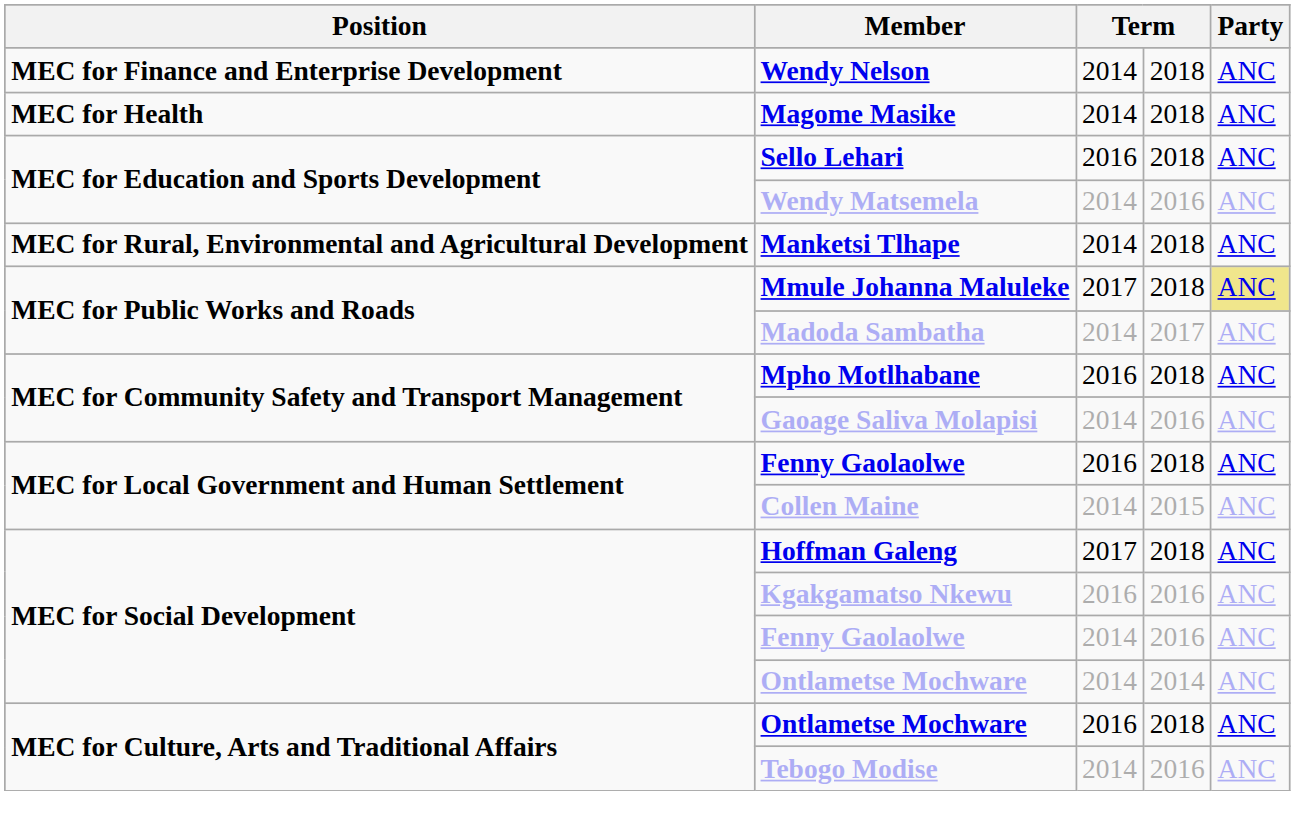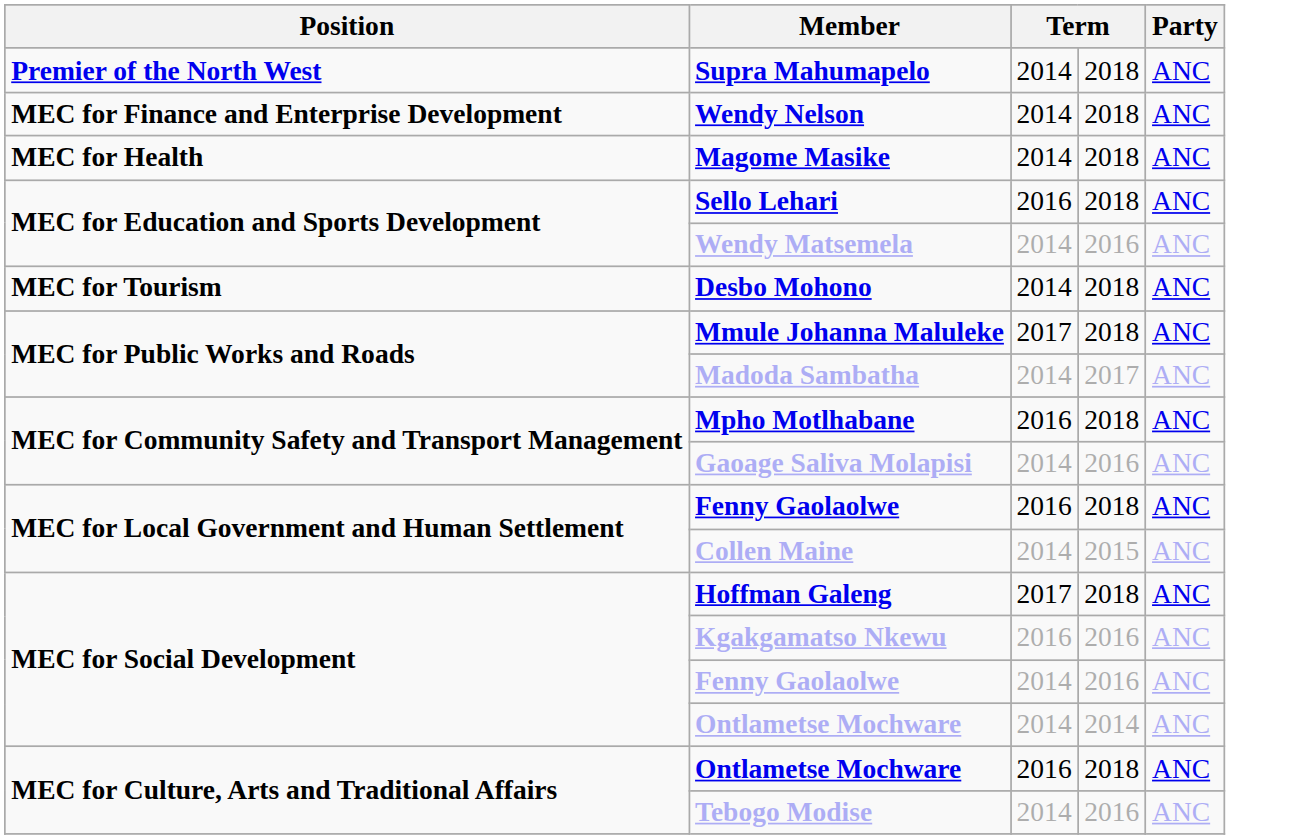 <table class="wikitable">
 <tr>
 <th>Position</th>
 <th>Member</th>
 <th colspan="2">Term</th>
 <th>Party</th>
+</tr>
+<tr>
+<td><strong><a href='#'>Premier of the North West</a></strong></td>
+<td><strong><a href='#'>Supra Mahumapelo</a></strong></td>
+<td>2014</td>
+<td>2018</td>
+<td><a href='#'>ANC</a></td>
 </tr>
 <tr>
 <td><strong>MEC for Finance and Enterprise Development</strong></td>
 <td><a href='#'><strong>Wendy Nelson</strong></a></td>
 <td>2014</td>
 <td>2018</td>
 <td><a href='#'>ANC</a></td>
 </tr>
 <tr>
 <td><strong>MEC for Health</strong></td>
 <td><strong><a href='#'>Magome Masike</a></strong></td>
 <td>2014</td>
 <td>2018</td>
 <td><a href='#'>ANC</a></td>
 </tr>
 <tr>
 <td rowspan="2"><strong>MEC for Education and Sports Development</strong></td>
 <td><strong><a href='#'>Sello Lehari</a></strong></td>
 <td>2016</td>
 <td>2018</td>
 <td><a href='#'>ANC</a></td>
 </tr>
 <tr style="opacity:.3;">
 <td><strong><a href='#'>Wendy Matsemela</a></strong></td>
 <td>2014</td>
 <td>2016</td>
 <td><a href='#'>ANC</a></td>
 </tr>
 <tr>
-<td><strong>MEC for Rural, Environmental and Agricultural Development</strong></td>
-<td><strong><a href='#'>Manketsi Tlhape</a></strong></td>
+<td><strong>MEC for Tourism</strong></td>
+<td><strong><a href='#'>Desbo Mohono</a></strong></td>
 <td>2014</td>
 <td>2018</td>
 <td><a href='#'>ANC</a></td>
 </tr>
 <tr>
 <td rowspan="2"><strong>MEC for Public Works and Roads</strong></td>
 <td><strong><a href='#'>Mmule Johanna Maluleke</a></strong></td>
 <td>2017</td>
 <td>2018</td>
-<td style="background: khaki;"><a href='#'>ANC</a></td>
+<td><a href='#'>ANC</a></td>
 </tr>
 <tr style="opacity:.3;">
 <td><strong><a href='#'>Madoda Sambatha</a></strong></td>
 <td>2014</td>
 <td>2017</td>
 <td><a href='#'>ANC</a></td>
 </tr>
 <tr>
 <td rowspan="2"><strong>MEC for Community Safety and Transport Management</strong></td>
 <td><strong><a href='#'>Mpho Motlhabane</a></strong></td>
 <td>2016</td>
 <td>2018</td>
 <td><a href='#'>ANC</a></td>
 </tr>
 <tr style="opacity:.3;">
 <td><strong><a href='#'>Gaoage Saliva Molapisi</a></strong></td>
 <td>2014</td>
 <td>2016</td>
 <td><a href='#'>ANC</a></td>
 </tr>
 <tr>
 <td rowspan="2"><strong>MEC for Local Government and Human Settlement</strong></td>
 <td><strong><a href='#'>Fenny Gaolaolwe</a></strong></td>
 <td>2016</td>
 <td>2018</td>
 <td><a href='#'>ANC</a></td>
 </tr>
 <tr style="opacity:.3;">
 <td><strong><a href='#'>Collen Maine</a></strong></td>
 <td>2014</td>
 <td>2015</td>
 <td><a href='#'>ANC</a></td>
 </tr>
 <tr>
 <td rowspan="4"><strong>MEC for Social Development</strong></td>
 <td><strong><a href='#'>Hoffman Galeng</a></strong></td>
 <td>2017</td>
 <td>2018</td>
 <td><a href='#'>ANC</a></td>
 </tr>
 <tr style="opacity:.3;">
 <td><strong><a href='#'>Kgakgamatso Nkewu</a></strong></td>
 <td>2016</td>
 <td>2016</td>
 <td><a href='#'>ANC</a></td>
 </tr>
 <tr style="opacity:.3;">
 <td><strong><a href='#'>Fenny Gaolaolwe</a></strong></td>
 <td>2014</td>
 <td>2016</td>
 <td><a href='#'>ANC</a></td>
 </tr>
 <tr style="opacity:.3;">
 <td><strong><a href='#'>Ontlametse Mochware</a></strong></td>
 <td>2014</td>
 <td>2014</td>
 <td><a href='#'>ANC</a></td>
 </tr>
 <tr>
 <td rowspan="2"><strong>MEC for Culture, Arts and Traditional Affairs</strong></td>
 <td><strong><a href='#'>Ontlametse Mochware</a></strong></td>
 <td>2016</td>
 <td>2018</td>
 <td><a href='#'>ANC</a></td>
 </tr>
 <tr style="opacity:.3;">
 <td><strong><a href='#'>Tebogo Modise</a></strong></td>
 <td>2014</td>
 <td>2016</td>
 <td><a href='#'>ANC</a></td>
 </tr>
 </table>
